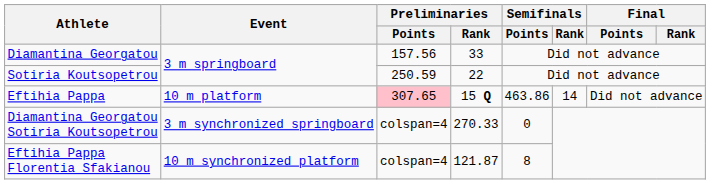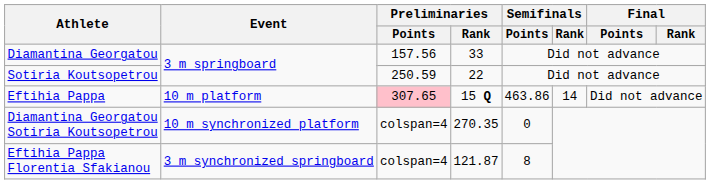 <table class=wikitable style="font-size:90%">
 <tr>
 <th rowspan="2">Athlete</th>
 <th rowspan="2">Event</th>
 <th colspan="2">Preliminaries</th>
 <th colspan="2">Semifinals</th>
 <th colspan="2">Final</th>
 </tr>
 <tr style="font-size:95%">
 <th>Points</th>
 <th>Rank</th>
 <th>Points</th>
 <th>Rank</th>
 <th>Points</th>
 <th>Rank</th>
 </tr>
 <tr align=center>
 <td align=left><a href='#'>Diamantina Georgatou</a></td>
 <td align=left rowspan=2><a href='#'>3 m springboard</a></td>
 <td>157.56</td>
 <td>33</td>
 <td colspan=4>Did not advance</td>
 </tr>
 <tr align=center>
 <td align=left><a href='#'>Sotiria Koutsopetrou</a></td>
 <td>250.59</td>
 <td>22</td>
 <td colspan=4>Did not advance</td>
 </tr>
 <tr align=center>
 <td align=left><a href='#'>Eftihia Pappa</a></td>
 <td align=left><a href='#'>10 m platform</a></td>
 <td style="background: pink;">307.65</td>
 <td>15 <strong>Q</strong></td>
 <td>463.86</td>
 <td>14</td>
 <td colspan=2>Did not advance</td>
 </tr>
 <tr align=center>
 <td align=left><a href='#'>Diamantina Georgatou</a><br><a href='#'>Sotiria Koutsopetrou</a></td>
-<td align=left><a href='#'>3 m synchronized springboard</a></td>
+<td align=left><a href='#'>10 m synchronized platform</a></td>
 <td>colspan=4 </td>
-<td>270.33</td>
+<td>270.35</td>
 <td>0</td>
 </tr>
 <tr align=center>
 <td align=left><a href='#'>Eftihia Pappa</a><br><a href='#'>Florentia Sfakianou</a></td>
-<td align=left><a href='#'>10 m synchronized platform</a></td>
+<td align=left><a href='#'>3 m synchronized springboard</a></td>
 <td>colspan=4 </td>
 <td>121.87</td>
 <td>8</td>
 </tr>
 </table>
